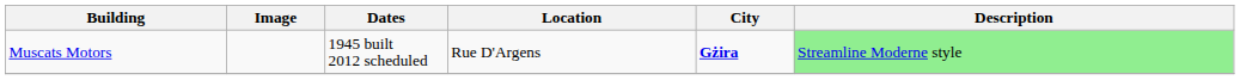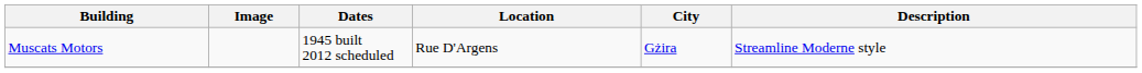 <table class="wikitable sortable" style="width:98%">
 <tr>
 <th width = 18%><strong>Building</strong></th>
 <th width = 8% class="unsortable"><strong>Image</strong></th>
 <th width = 10%><strong>Dates</strong></th>
 <th><strong>Location</strong></th>
 <th width = 8%><strong>City</strong></th>
 <th class="unsortable"><strong>Description</strong></th>
 </tr>
 <tr>
 <td><a href='#'>Muscats Motors</a></td>
 <td></td>
 <td>1945 built<br>2012 scheduled</td>
 <td>Rue D'Argens<br></td>
-<td><strong><a href='#'>Gżira</a></strong></td>
-<td style="background: lightgreen;"><a href='#'>Streamline Moderne</a> style</td>
+<td><a href='#'>Gżira</a></td>
+<td><a href='#'>Streamline Moderne</a> style</td>
 </tr>
 <tr>
 </tr>
 </table>
